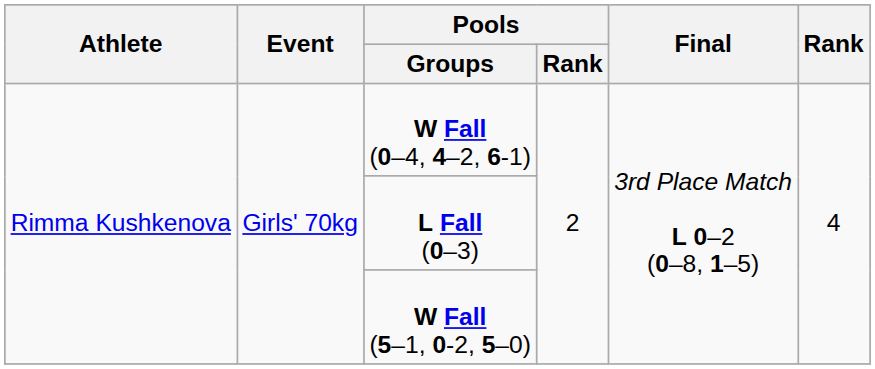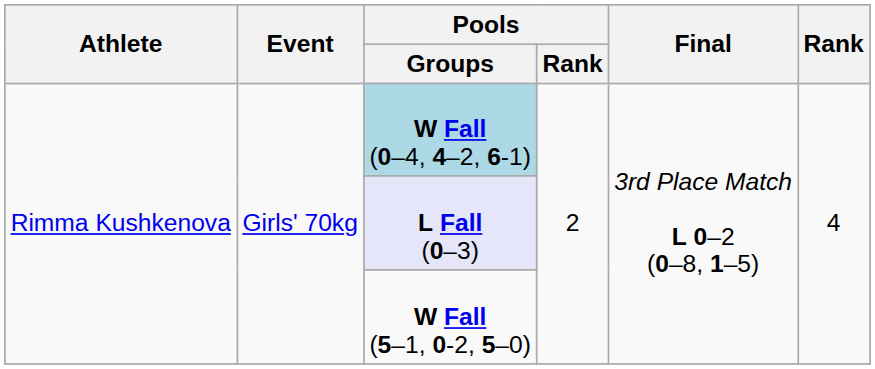 <table class="wikitable" style="text-align:left; font-size:90%">
 <tr>
 <th rowspan="2">Athlete</th>
 <th rowspan="2">Event</th>
 <th colspan="2">Pools</th>
 <th rowspan="2">Final</th>
 <th rowspan="2">Rank</th>
 </tr>
 <tr>
 <th>Groups</th>
 <th>Rank</th>
 </tr>
 <tr>
 <td rowspan="3"><a href='#'>Rimma Kushkenova</a></td>
 <td rowspan="3"><a href='#'>Girls' 70kg</a></td>
-<td align=center><br><strong>W</strong> <strong><a href='#'>Fall</a></strong><br>(<strong>0</strong>–4, <strong>4</strong>–2, <strong>6</strong>-1)</td>
+<td align=center style="background: lightblue;"><br><strong>W</strong> <strong><a href='#'>Fall</a></strong><br>(<strong>0</strong>–4, <strong>4</strong>–2, <strong>6</strong>-1)</td>
 <td rowspan="3" align=center>2</td>
 <td align=center rowspan=3><em>3rd Place Match</em><br><br><strong>L</strong> <strong>0</strong>–2<br>(<strong>0</strong>–8, <strong>1</strong>–5)</td>
 <td rowspan="3" align="center">4</td>
 </tr>
 <tr>
-<td align=center><br><strong>L</strong> <strong><a href='#'>Fall</a></strong><br>(<strong>0</strong>–3)</td>
+<td align=center style="background: lavender;"><br><strong>L</strong> <strong><a href='#'>Fall</a></strong><br>(<strong>0</strong>–3)</td>
 </tr>
 <tr>
 <td align=center><br><strong>W</strong> <strong><a href='#'>Fall</a></strong><br>(<strong>5</strong>–1, <strong>0</strong>-2, <strong>5</strong>–0)</td>
 </tr>
 </table>
